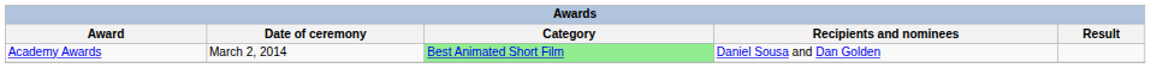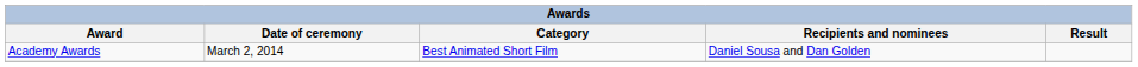 <table class="wikitable" width="95%">
 <tr>
 <th colspan="5" style="background: LightSteelBlue;">Awards</th>
 </tr>
 <tr>
 <th>Award</th>
 <th>Date of ceremony</th>
 <th>Category</th>
 <th>Recipients and nominees</th>
 <th>Result</th>
 </tr>
 <tr>
 <td><a href='#'>Academy Awards</a></td>
 <td>March 2, 2014</td>
-<td style="background: lightgreen;"><a href='#'>Best Animated Short Film</a></td>
+<td><a href='#'>Best Animated Short Film</a></td>
 <td><a href='#'>Daniel Sousa</a> and <a href='#'>Dan Golden</a></td>
 <td></td>
 </tr>
 <tr>
 </tr>
 </table>
